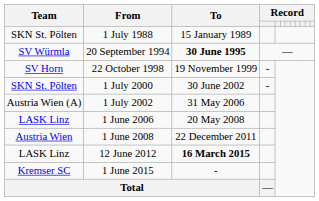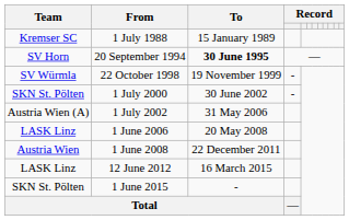 <table class="wikitable" style="text-align: center">
 <tr>
 <th rowspan="2">Team</th>
 <th rowspan="2">From</th>
 <th rowspan="2">To</th>
 <th colspan="9">Record</th>
 </tr>
 <tr>
 <th></th>
 <th></th>
 <th></th>
 <th></th>
 <th></th>
 <th></th>
 <th></th>
 <th></th>
 <th></th>
 </tr>
 <tr>
-<td>SKN St. Pölten</td>
+<td><a href='#'>Kremser SC</a></td>
 <td>1 July 1988</td>
 <td>15 January 1989<br></td>
 <td></td>
 </tr>
 <tr>
-<td><a href='#'>SV Würmla</a></td>
+<td><a href='#'>SV Horn</a></td>
 <td>20 September 1994</td>
 <td><strong>30 June 1995</strong></td>
 <td colspan="9">— </td>
 </tr>
 <tr>
-<td><a href='#'>SV Horn</a></td>
+<td><a href='#'>SV Würmla</a></td>
 <td>22 October 1998</td>
 <td>19 November 1999<br></td>
 <td>-</td>
 </tr>
 <tr>
 <td><a href='#'>SKN St. Pölten</a></td>
 <td>1 July 2000</td>
 <td>30 June 2002<br></td>
 <td>-</td>
 </tr>
 <tr>
 <td>Austria Wien (A)</td>
 <td>1 July 2002</td>
 <td>31 May 2006<br></td>
 <td><br></td>
 </tr>
 <tr>
 <td><a href='#'>LASK Linz</a></td>
 <td>1 June 2006</td>
 <td>20 May 2008<br></td>
 <td><br></td>
 </tr>
 <tr>
 <td><a href='#'>Austria Wien</a></td>
 <td>1 June 2008</td>
 <td>22 December 2011<br></td>
 <td><br></td>
 </tr>
 <tr>
 <td>LASK Linz</td>
 <td>12 June 2012</td>
-<td><strong>16 March 2015<br></strong></td>
+<td>16 March 2015<br></td>
 <td><br></td>
 </tr>
 <tr>
-<td><a href='#'>Kremser SC</a></td>
+<td>SKN St. Pölten</td>
 <td>1 June 2015</td>
 <td>-<br></td>
 <td></td>
 </tr>
 <tr>
 <th colspan="3">Total<br></th>
 <th>—</th>
 </tr>
 </table>
